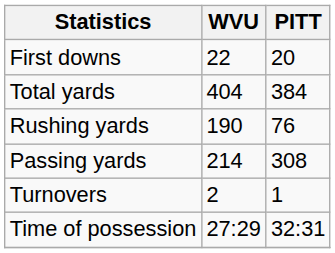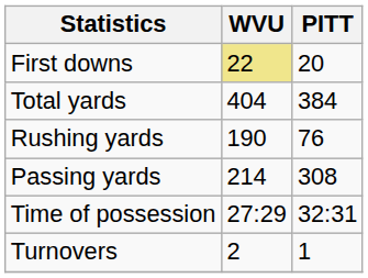 <table class="wikitable" style="float: left;">
 <tr>
 <th>Statistics</th>
 <th>WVU</th>
 <th>PITT</th>
 </tr>
 <tr>
 <td>First downs</td>
-<td>22</td>
+<td style="background: khaki;">22</td>
 <td>20</td>
 </tr>
 <tr>
 <td>Total yards</td>
 <td>404</td>
 <td>384</td>
 </tr>
 <tr>
 <td>Rushing yards</td>
 <td>190</td>
 <td>76</td>
 </tr>
 <tr>
 <td>Passing yards</td>
 <td>214</td>
 <td>308</td>
 </tr>
 <tr>
+<td>Time of possession</td>
+<td>27:29</td>
+<td>32:31</td>
+</tr>
+<tr>
 <td>Turnovers</td>
 <td>2</td>
 <td>1</td>
 </tr>
 <tr>
-<td>Time of possession</td>
-<td>27:29</td>
-<td>32:31</td>
-</tr>
-<tr>
 </tr>
 </table>
